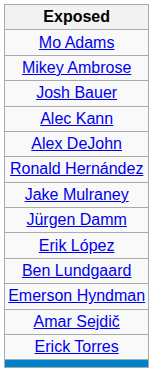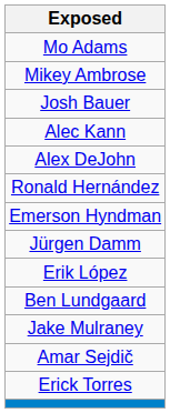 <table class="wikitable" style="text-align:center">
 <tr>
 <th>Exposed</th>
 </tr>
 <tr>
 <td><a href='#'>Mo Adams</a></td>
 </tr>
 <tr>
 <td><a href='#'>Mikey Ambrose</a></td>
 </tr>
 <tr>
 <td><a href='#'>Josh Bauer</a></td>
 </tr>
 <tr>
 <td><a href='#'>Alec Kann</a></td>
 </tr>
 <tr>
 <td><a href='#'>Alex DeJohn</a></td>
 </tr>
 <tr>
 <td><a href='#'>Ronald Hernández</a></td>
 </tr>
 <tr>
-<td><a href='#'>Jake Mulraney</a></td>
+<td><a href='#'>Emerson Hyndman</a></td>
 </tr>
 <tr>
 <td><a href='#'>Jürgen Damm</a></td>
 </tr>
 <tr>
 <td><a href='#'>Erik López</a></td>
 </tr>
 <tr>
 <td><a href='#'>Ben Lundgaard</a></td>
 </tr>
 <tr>
-<td><a href='#'>Emerson Hyndman</a></td>
+<td><a href='#'>Jake Mulraney</a></td>
 </tr>
 <tr>
 <td><a href='#'>Amar Sejdič</a></td>
 </tr>
 <tr>
 <td><a href='#'>Erick Torres</a></td>
 </tr>
 <tr>
 <td style="background: #0082CA"></td>
 </tr>
 <tr>
 </tr>
 </table>
